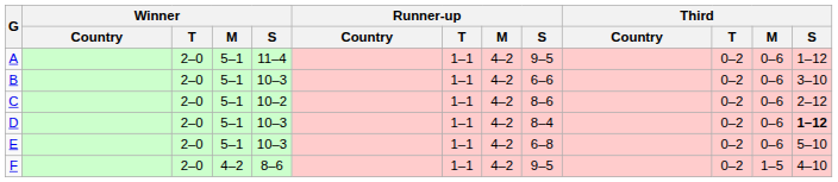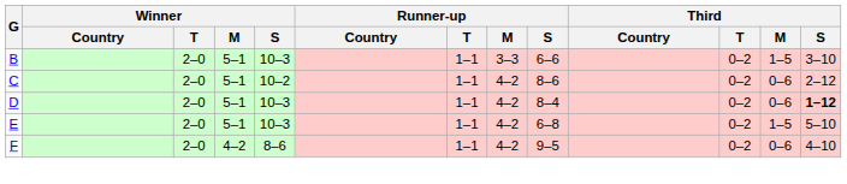 <table class="wikitable nowrap" style=text-align:center>
 <tr>
 <th rowspan=2>G</th>
 <th colspan=4>Winner</th>
 <th colspan=4>Runner-up</th>
 <th colspan=4>Third</th>
 </tr>
 <tr>
 <th width=170>Country</th>
 <th width=40>T</th>
 <th width=40>M</th>
 <th width=40>S</th>
 <th width=170>Country</th>
 <th width=40>T</th>
 <th width=40>M</th>
 <th width=40>S</th>
 <th width=170>Country</th>
 <th width=40>T</th>
 <th width=40>M</th>
 <th width=40>S</th>
 </tr>
 <tr>
-<td><a href='#'>A</a></td>
-<td style=text-align:left;background:#ccffcc><strong></strong> </td>
-<td style="background:#ccffcc">2–0</td>
-<td style=background:#ccffcc>5–1</td>
-<td style=background:#ccffcc>11–4</td>
-<td style=text-align:left;background:#ffcccc> </td>
-<td style=background:#ffcccc>1–1</td>
-<td style=background:#ffcccc>4–2</td>
-<td style=background:#ffcccc>9–5</td>
-<td style=text-align:left;background:#ffcccc></td>
-<td style=background:#ffcccc>0–2</td>
-<td style=background:#ffcccc>0–6</td>
-<td style=background:#ffcccc>1–12</td>
-</tr>
-<tr>
 <td><a href='#'>B</a></td>
 <td style=text-align:left;background:#ccffcc><strong></strong></td>
 <td style="background:#ccffcc">2–0</td>
 <td style=background:#ccffcc>5–1</td>
 <td style=background:#ccffcc>10–3</td>
 <td style=text-align:left;background:#ffcccc> </td>
 <td style="background: #ffcccc">1–1</td>
-<td style="background: #ffcccc">4–2</td>
+<td style="background: #ffcccc">3–3</td>
 <td style="background: #ffcccc">6–6</td>
 <td style=text-align:left;background:#ffcccc></td>
 <td style="background: #ffcccc">0–2</td>
-<td style="background: #ffcccc">0–6</td>
+<td style="background: #ffcccc">1–5</td>
 <td style="background: #ffcccc">3–10</td>
 </tr>
 <tr>
 <td><a href='#'>C</a></td>
 <td style=text-align:left;background:#ccffcc><strong></strong></td>
 <td style="background: #ccffcc">2–0</td>
 <td style="background: #ccffcc">5–1</td>
 <td style="background: #ccffcc">10–2</td>
 <td style=text-align:left;background:#ffcccc> </td>
 <td style="background: #ffcccc">1–1</td>
 <td style="background: #ffcccc">4–2</td>
 <td style="background: #ffcccc">8–6</td>
 <td style=text-align:left;background:#ffcccc></td>
 <td style="background: #ffcccc">0–2</td>
 <td style="background: #ffcccc">0–6</td>
 <td style="background: #ffcccc">2–12</td>
 </tr>
 <tr>
 <td><a href='#'>D</a></td>
 <td style=text-align:left;background:#ccffcc><strong></strong></td>
 <td style="background:#ccffcc">2–0</td>
 <td style=background:#ccffcc>5–1</td>
 <td style=background:#ccffcc>10–3</td>
 <td style=text-align:left;background:#ffcccc> </td>
 <td style="background: #ffcccc">1–1</td>
 <td style="background: #ffcccc">4–2</td>
 <td style="background: #ffcccc">8–4</td>
 <td style=text-align:left;background:#ffcccc></td>
 <td style="background: #ffcccc">0–2</td>
 <td style="background: #ffcccc">0–6</td>
 <td style="background: #ffcccc"><strong>1–12</strong></td>
 </tr>
 <tr>
 <td><a href='#'>E</a></td>
 <td style=text-align:left;background:#ccffcc><strong></strong></td>
 <td style="background:#ccffcc">2–0</td>
 <td style=background:#ccffcc>5–1</td>
 <td style=background:#ccffcc>10–3</td>
 <td style=text-align:left;background:#ffcccc> </td>
 <td style="background: #ffcccc">1–1</td>
 <td style="background: #ffcccc">4–2</td>
 <td style="background: #ffcccc">6–8</td>
 <td style=text-align:left;background:#ffcccc></td>
 <td style="background: #ffcccc">0–2</td>
-<td style="background: #ffcccc">0–6</td>
+<td style="background: #ffcccc">1–5</td>
 <td style="background: #ffcccc">5–10</td>
 </tr>
 <tr>
 <td><a href='#'>F</a></td>
 <td style=text-align:left;background:#ccffcc><strong> </strong></td>
 <td style="background:#ccffcc">2–0</td>
 <td style=background:#ccffcc>4–2</td>
 <td style=background:#ccffcc>8–6</td>
 <td style=text-align:left;background:#ffcccc> </td>
 <td style="background: #ffcccc">1–1</td>
 <td style="background: #ffcccc">4–2</td>
 <td style="background: #ffcccc">9–5</td>
 <td style=text-align:left;background:#ffcccc></td>
 <td style="background: #ffcccc">0–2</td>
-<td style="background: #ffcccc">1–5</td>
+<td style="background: #ffcccc">0–6</td>
 <td style="background: #ffcccc">4–10</td>
 </tr>
 </table>
